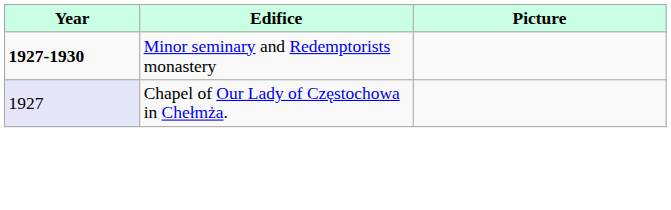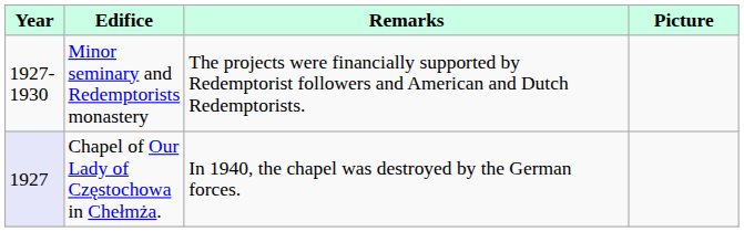 <table class="wikitable" style="flex:30em">
 <tr align="center" bgcolor="#C9FFE5">
 <td width=8%><strong>Year</strong></td>
 <td width=16%><strong>Edifice</strong></td>
+<td width=61%><strong>Remarks</strong></td>
 <td width=15%><strong>Picture</strong></td>
 </tr>
 <tr ----bgcolor="#FFFFFF">
-<td><strong>1927-1930</strong></td>
+<td>1927-1930</td>
 <td><a href='#'>Minor seminary</a> and <a href='#'>Redemptorists</a> monastery</td>
+<td>The projects were financially supported by Redemptorist followers and American and Dutch Redemptorists.</td>
 <td></td>
 </tr>
 <tr>
 <td style="background: lavender;">1927</td>
 <td>Chapel of <a href='#'>Our Lady of Częstochowa</a> in <a href='#'>Chełmża</a>.</td>
+<td>In 1940, the chapel was destroyed by the German forces.</td>
 <td></td>
 </tr>
 </table>
